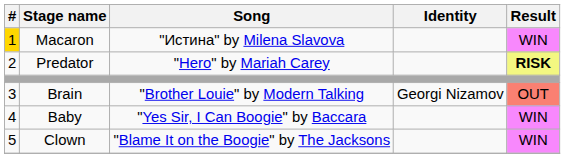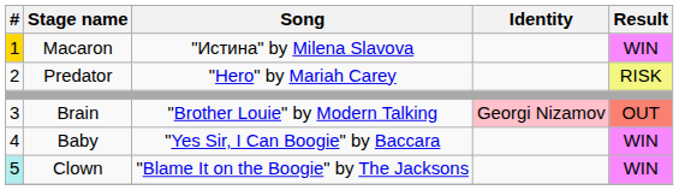 <table class="wikitable plainrowheaders" style="text-align: center;">
 <tr>
 <th>#</th>
 <th>Stage name</th>
 <th>Song</th>
 <th>Identity</th>
 <th>Result</th>
 </tr>
 <tr>
 <td style="background: gold;">1</td>
 <td>Macaron</td>
 <td>"Истина" by <a href='#'>Milena Slavova</a></td>
 <td></td>
 <td bgcolor="#F888FD">WIN</td>
 </tr>
 <tr>
 <td>2</td>
 <td>Predator</td>
 <td>"<a href='#'>Hero</a>" by <a href='#'>Mariah Carey</a></td>
 <td></td>
-<td bgcolor="#F3F781"><strong>RISK</strong></td>
+<td bgcolor="#F3F781">RISK</td>
 </tr>
 <tr>
 <td colspan="5" style="background:darkgray"></td>
 </tr>
 <tr>
 <td>3</td>
 <td>Brain</td>
 <td>"<a href='#'>Brother Louie</a>" by <a href='#'>Modern Talking</a></td>
-<td>Georgi Nizamov</td>
+<td style="background: pink;">Georgi Nizamov</td>
 <td bgcolor=salmon>OUT</td>
 </tr>
 <tr>
 <td>4</td>
 <td>Baby</td>
 <td>"<a href='#'>Yes Sir, I Can Boogie</a>" by <a href='#'>Baccara</a></td>
 <td></td>
 <td bgcolor="#F888FD">WIN</td>
 </tr>
 <tr>
-<td>5</td>
+<td style="background: paleturquoise;">5</td>
 <td>Clown</td>
 <td>"<a href='#'>Blame It on the Boogie</a>" by <a href='#'>The Jacksons</a></td>
 <td></td>
 <td bgcolor="#F888FD">WIN</td>
 </tr>
 <tr>
 </tr>
 </table>
